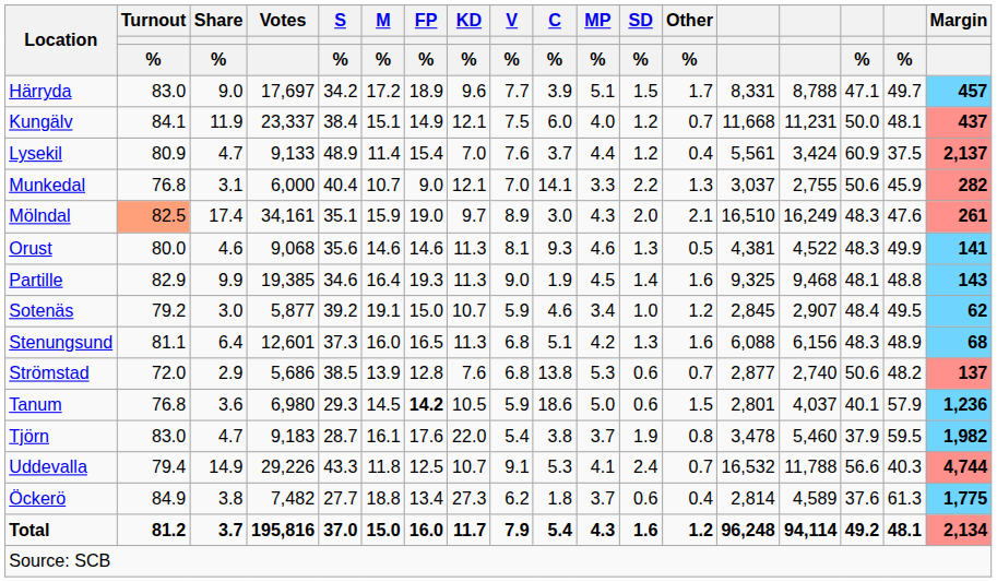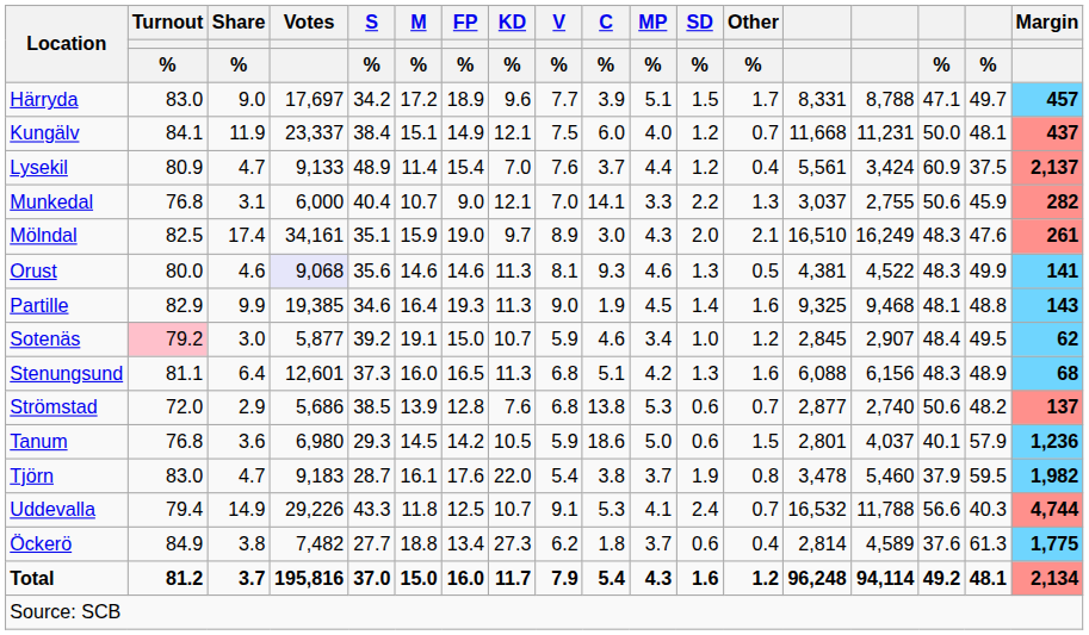 <table class="wikitable sortable" style="text-align:right; font-size:95%; line-height:20px;">
 <tr>
 <th rowspan="3">Location</th>
 <th>Turnout</th>
 <th>Share</th>
 <th>Votes</th>
 <th width="30px" class="unsortable"><a href='#'>S</a></th>
 <th width="30px" class="unsortable"><a href='#'>M</a></th>
 <th width="30px" class="unsortable"><a href='#'>FP</a></th>
 <th width="30px" class="unsortable"><a href='#'>KD</a></th>
 <th width="30px" class="unsortable"><a href='#'>V</a></th>
 <th width="30px" class="unsortable"><a href='#'>C</a></th>
 <th width="30px" class="unsortable"><a href='#'>MP</a></th>
 <th width="30px" class="unsortable"><a href='#'>SD</a></th>
 <th width="30px" class="unsortable">Other</th>
 <th></th>
 <th></th>
 <th></th>
 <th></th>
 <th>Margin</th>
 </tr>
 <tr>
 <th></th>
 <th></th>
 <th></th>
 <th style="background:"></th>
 <th style="background:"></th>
 <th style="background:"></th>
 <th style="background:"></th>
 <th style="background:"></th>
 <th style="background:"></th>
 <th style="background:"></th>
 <th style="background:"></th>
 <th style="background:"></th>
 <th style="background:"></th>
 <th style="background:"></th>
 <th style="background:"></th>
 <th style="background:"></th>
 <th></th>
 </tr>
 <tr>
 <th data-sort-type="number">%</th>
 <th data-sort-type="number">%</th>
 <th></th>
 <th data-sort-type="number">%</th>
 <th data-sort-type="number">%</th>
 <th data-sort-type="number">%</th>
 <th data-sort-type="number">%</th>
 <th data-sort-type="number">%</th>
 <th data-sort-type="number">%</th>
 <th data-sort-type="number">%</th>
 <th data-sort-type="number">%</th>
 <th data-sort-type="number">%</th>
 <th data-sort-type="number"></th>
 <th data-sort-type="number"></th>
 <th data-sort-type="number">%</th>
 <th data-sort-type="number">%</th>
 <th data-sort-type="number"></th>
 </tr>
 <tr>
 <td align=left><a href='#'>Härryda</a></td>
 <td>83.0</td>
 <td>9.0</td>
 <td>17,697</td>
 <td>34.2</td>
 <td>17.2</td>
 <td>18.9</td>
 <td>9.6</td>
 <td>7.7</td>
 <td>3.9</td>
 <td>5.1</td>
 <td>1.5</td>
 <td>1.7</td>
 <td>8,331</td>
 <td>8,788</td>
 <td>47.1</td>
 <td>49.7</td>
 <td bgcolor=#6fd5fe><strong>457</strong></td>
 </tr>
 <tr>
 <td align=left><a href='#'>Kungälv</a></td>
 <td>84.1</td>
 <td>11.9</td>
 <td>23,337</td>
 <td>38.4</td>
 <td>15.1</td>
 <td>14.9</td>
 <td>12.1</td>
 <td>7.5</td>
 <td>6.0</td>
 <td>4.0</td>
 <td>1.2</td>
 <td>0.7</td>
 <td>11,668</td>
 <td>11,231</td>
 <td>50.0</td>
 <td>48.1</td>
 <td bgcolor=#ff908c><strong>437</strong></td>
 </tr>
 <tr>
 <td align=left><a href='#'>Lysekil</a></td>
 <td>80.9</td>
 <td>4.7</td>
 <td>9,133</td>
 <td>48.9</td>
 <td>11.4</td>
 <td>15.4</td>
 <td>7.0</td>
 <td>7.6</td>
 <td>3.7</td>
 <td>4.4</td>
 <td>1.2</td>
 <td>0.4</td>
 <td>5,561</td>
 <td>3,424</td>
 <td>60.9</td>
 <td>37.5</td>
 <td bgcolor=#ff908c><strong>2,137</strong></td>
 </tr>
 <tr>
 <td align=left><a href='#'>Munkedal</a></td>
 <td>76.8</td>
 <td>3.1</td>
 <td>6,000</td>
 <td>40.4</td>
 <td>10.7</td>
 <td>9.0</td>
 <td>12.1</td>
 <td>7.0</td>
 <td>14.1</td>
 <td>3.3</td>
 <td>2.2</td>
 <td>1.3</td>
 <td>3,037</td>
 <td>2,755</td>
 <td>50.6</td>
 <td>45.9</td>
 <td bgcolor=#ff908c><strong>282</strong></td>
 </tr>
 <tr>
 <td align=left><a href='#'>Mölndal</a></td>
-<td style="background: lightsalmon;">82.5</td>
+<td>82.5</td>
 <td>17.4</td>
 <td>34,161</td>
 <td>35.1</td>
 <td>15.9</td>
 <td>19.0</td>
 <td>9.7</td>
 <td>8.9</td>
 <td>3.0</td>
 <td>4.3</td>
 <td>2.0</td>
 <td>2.1</td>
 <td>16,510</td>
 <td>16,249</td>
 <td>48.3</td>
 <td>47.6</td>
 <td bgcolor=#ff908c><strong>261</strong></td>
 </tr>
 <tr>
 <td align=left><a href='#'>Orust</a></td>
 <td>80.0</td>
 <td>4.6</td>
-<td>9,068</td>
+<td style="background: lavender;">9,068</td>
 <td>35.6</td>
 <td>14.6</td>
 <td>14.6</td>
 <td>11.3</td>
 <td>8.1</td>
 <td>9.3</td>
 <td>4.6</td>
 <td>1.3</td>
 <td>0.5</td>
 <td>4,381</td>
 <td>4,522</td>
 <td>48.3</td>
 <td>49.9</td>
 <td bgcolor=#6fd5fe><strong>141</strong></td>
 </tr>
 <tr>
 <td align=left><a href='#'>Partille</a></td>
 <td>82.9</td>
 <td>9.9</td>
 <td>19,385</td>
 <td>34.6</td>
 <td>16.4</td>
 <td>19.3</td>
 <td>11.3</td>
 <td>9.0</td>
 <td>1.9</td>
 <td>4.5</td>
 <td>1.4</td>
 <td>1.6</td>
 <td>9,325</td>
 <td>9,468</td>
 <td>48.1</td>
 <td>48.8</td>
 <td bgcolor=#6fd5fe><strong>143</strong></td>
 </tr>
 <tr>
 <td align=left><a href='#'>Sotenäs</a></td>
-<td>79.2</td>
+<td style="background: pink;">79.2</td>
 <td>3.0</td>
 <td>5,877</td>
 <td>39.2</td>
 <td>19.1</td>
 <td>15.0</td>
 <td>10.7</td>
 <td>5.9</td>
 <td>4.6</td>
 <td>3.4</td>
 <td>1.0</td>
 <td>1.2</td>
 <td>2,845</td>
 <td>2,907</td>
 <td>48.4</td>
 <td>49.5</td>
 <td bgcolor=#6fd5fe><strong>62</strong></td>
 </tr>
 <tr>
 <td align=left><a href='#'>Stenungsund</a></td>
 <td>81.1</td>
 <td>6.4</td>
 <td>12,601</td>
 <td>37.3</td>
 <td>16.0</td>
 <td>16.5</td>
 <td>11.3</td>
 <td>6.8</td>
 <td>5.1</td>
 <td>4.2</td>
 <td>1.3</td>
 <td>1.6</td>
 <td>6,088</td>
 <td>6,156</td>
 <td>48.3</td>
 <td>48.9</td>
 <td bgcolor=#6fd5fe><strong>68</strong></td>
 </tr>
 <tr>
 <td align=left><a href='#'>Strömstad</a></td>
 <td>72.0</td>
 <td>2.9</td>
 <td>5,686</td>
 <td>38.5</td>
 <td>13.9</td>
 <td>12.8</td>
 <td>7.6</td>
 <td>6.8</td>
 <td>13.8</td>
 <td>5.3</td>
 <td>0.6</td>
 <td>0.7</td>
 <td>2,877</td>
 <td>2,740</td>
 <td>50.6</td>
 <td>48.2</td>
 <td bgcolor=#ff908c><strong>137</strong></td>
 </tr>
 <tr>
 <td align=left><a href='#'>Tanum</a></td>
 <td>76.8</td>
 <td>3.6</td>
 <td>6,980</td>
 <td>29.3</td>
 <td>14.5</td>
-<td><strong>14.2</strong></td>
+<td>14.2</td>
 <td>10.5</td>
 <td>5.9</td>
 <td>18.6</td>
 <td>5.0</td>
 <td>0.6</td>
 <td>1.5</td>
 <td>2,801</td>
 <td>4,037</td>
 <td>40.1</td>
 <td>57.9</td>
 <td bgcolor=#6fd5fe><strong>1,236</strong></td>
 </tr>
 <tr>
 <td align=left><a href='#'>Tjörn</a></td>
 <td>83.0</td>
 <td>4.7</td>
 <td>9,183</td>
 <td>28.7</td>
 <td>16.1</td>
 <td>17.6</td>
 <td>22.0</td>
 <td>5.4</td>
 <td>3.8</td>
 <td>3.7</td>
 <td>1.9</td>
 <td>0.8</td>
 <td>3,478</td>
 <td>5,460</td>
 <td>37.9</td>
 <td>59.5</td>
 <td bgcolor=#6fd5fe><strong>1,982</strong></td>
 </tr>
 <tr>
 <td align=left><a href='#'>Uddevalla</a></td>
 <td>79.4</td>
 <td>14.9</td>
 <td>29,226</td>
 <td>43.3</td>
 <td>11.8</td>
 <td>12.5</td>
 <td>10.7</td>
 <td>9.1</td>
 <td>5.3</td>
 <td>4.1</td>
 <td>2.4</td>
 <td>0.7</td>
 <td>16,532</td>
 <td>11,788</td>
 <td>56.6</td>
 <td>40.3</td>
 <td bgcolor=#ff908c><strong>4,744</strong></td>
 </tr>
 <tr>
 <td align=left><a href='#'>Öckerö</a></td>
 <td>84.9</td>
 <td>3.8</td>
 <td>7,482</td>
 <td>27.7</td>
 <td>18.8</td>
 <td>13.4</td>
 <td>27.3</td>
 <td>6.2</td>
 <td>1.8</td>
 <td>3.7</td>
 <td>0.6</td>
 <td>0.4</td>
 <td>2,814</td>
 <td>4,589</td>
 <td>37.6</td>
 <td>61.3</td>
 <td bgcolor=#6fd5fe><strong>1,775</strong></td>
 </tr>
 <tr>
 <td align=left><strong>Total</strong></td>
 <td><strong>81.2</strong></td>
 <td><strong>3.7</strong></td>
 <td><strong>195,816</strong></td>
 <td><strong>37.0</strong></td>
 <td><strong>15.0</strong></td>
 <td><strong>16.0</strong></td>
 <td><strong>11.7</strong></td>
 <td><strong>7.9</strong></td>
 <td><strong>5.4</strong></td>
 <td><strong>4.3</strong></td>
 <td><strong>1.6</strong></td>
 <td><strong>1.2</strong></td>
 <td><strong>96,248</strong></td>
 <td><strong>94,114</strong></td>
 <td><strong>49.2</strong></td>
 <td><strong>48.1</strong></td>
 <td bgcolor=#ff908c><strong>2,134</strong></td>
 </tr>
 <tr>
 <td align=left colspan=18>Source: SCB </td>
 </tr>
 </table>
